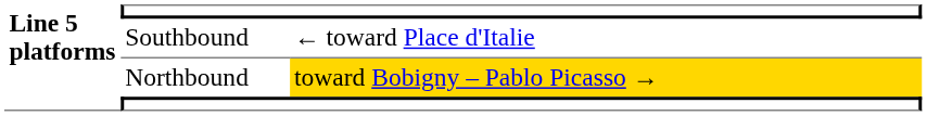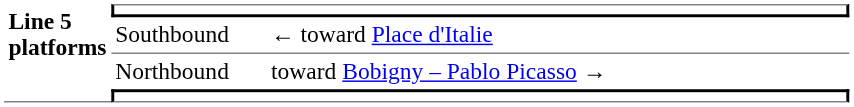 <table border=0 cellspacing=0 cellpadding=3>
 <tr>
 <td style="border-bottom:solid 1px gray;" width=50 rowspan=10 valign=top><strong>Line 5 platforms</strong></td>
 <td style="border-top:solid 1px gray;border-right:solid 2px black;border-left:solid 2px black;border-bottom:solid 2px black;text-align:center;" colspan=2></td>
 </tr>
 <tr>
 <td style="border-bottom:solid 1px gray;" width=100>Southbound</td>
 <td style="border-bottom:solid 1px gray;" width=390>←   toward <a href='#'>Place d'Italie</a> </td>
 </tr>
 <tr>
 <td>Northbound</td>
-<td style="background: gold;">   toward <a href='#'>Bobigny – Pablo Picasso</a>  →</td>
+<td>   toward <a href='#'>Bobigny – Pablo Picasso</a>  →</td>
 </tr>
 <tr>
 <td style="border-top:solid 2px black;border-right:solid 2px black;border-left:solid 2px black;border-bottom:solid 1px gray;text-align:center;" colspan=2></td>
 </tr>
 </table>
